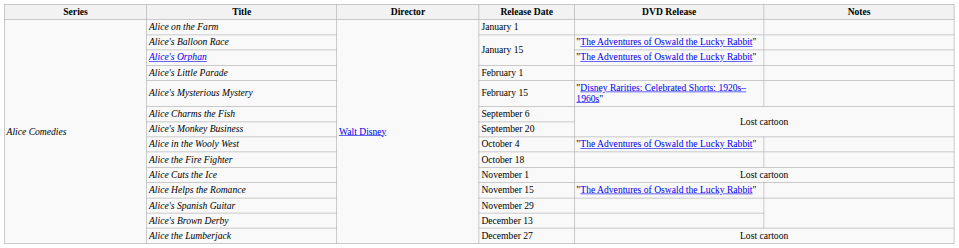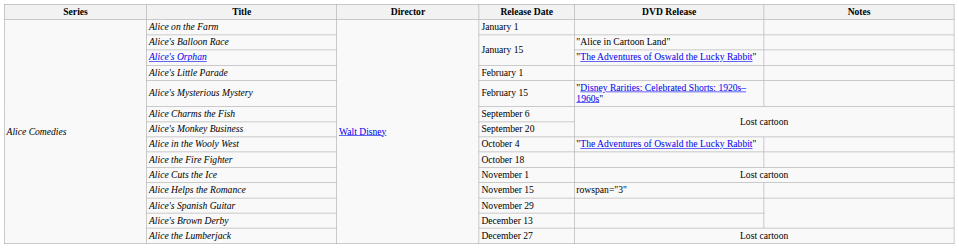 <table class="wikitable" style="width:100%;">
 <tr>
 <th style="width:15%;">Series</th>
 <th style="width:20%;">Title</th>
 <th style="width:15%;">Director</th>
 <th style="width:10%;">Release Date</th>
 <th style="width:20%;">DVD Release</th>
 <th style="width:20%;">Notes</th>
 </tr>
 <tr>
 <td rowspan="14"><em>Alice Comedies</em></td>
 <td><em>Alice on the Farm</em></td>
 <td rowspan="14"><a href='#'>Walt Disney</a></td>
 <td>January 1</td>
 <td></td>
 <td></td>
 </tr>
 <tr>
 <td><em>Alice's Balloon Race</em></td>
 <td rowspan="2">January 15</td>
-<td>"<a href='#'>The Adventures of Oswald the Lucky Rabbit</a>"</td>
+<td>"Alice in Cartoon Land"</td>
 <td></td>
 </tr>
 <tr>
 <td><em><a href='#'>Alice's Orphan</a></em></td>
 <td>"<a href='#'>The Adventures of Oswald the Lucky Rabbit</a>"</td>
 <td></td>
 </tr>
 <tr>
 <td><em>Alice's Little Parade</em></td>
 <td>February 1</td>
 <td></td>
 <td></td>
 </tr>
 <tr>
 <td><em>Alice's Mysterious Mystery</em></td>
 <td>February 15</td>
 <td>"<a href='#'>Disney Rarities: Celebrated Shorts: 1920s–1960s</a>"</td>
 <td></td>
 </tr>
 <tr>
 <td><em>Alice Charms the Fish</em></td>
 <td>September 6</td>
 <td rowspan="2" colspan="2" style="text-align: center;">Lost cartoon</td>
 </tr>
 <tr>
 <td><em>Alice's Monkey Business</em></td>
 <td>September 20</td>
 </tr>
 <tr>
 <td><em>Alice in the Wooly West</em></td>
 <td>October 4</td>
 <td>"<a href='#'>The Adventures of Oswald the Lucky Rabbit</a>"</td>
 <td></td>
 </tr>
 <tr>
 <td><em>Alice the Fire Fighter</em></td>
 <td>October 18</td>
 <td></td>
 <td></td>
 </tr>
 <tr>
 <td><em>Alice Cuts the Ice</em></td>
 <td>November 1</td>
 <td colspan="2" style="text-align:center;">Lost cartoon</td>
 </tr>
 <tr>
 <td><em>Alice Helps the Romance</em></td>
 <td>November 15</td>
-<td>"<a href='#'>The Adventures of Oswald the Lucky Rabbit</a>"</td>
+<td>rowspan="3" </td>
 <td></td>
 </tr>
 <tr>
 <td><em>Alice's Spanish Guitar</em></td>
 <td>November 29</td>
 <td></td>
 </tr>
 <tr>
 <td><em>Alice's Brown Derby</em></td>
 <td>December 13</td>
 <td></td>
 </tr>
 <tr>
 <td><em>Alice the Lumberjack</em></td>
 <td>December 27</td>
 <td colspan="2" style="text-align: center;">Lost cartoon</td>
 </tr>
 </table>
